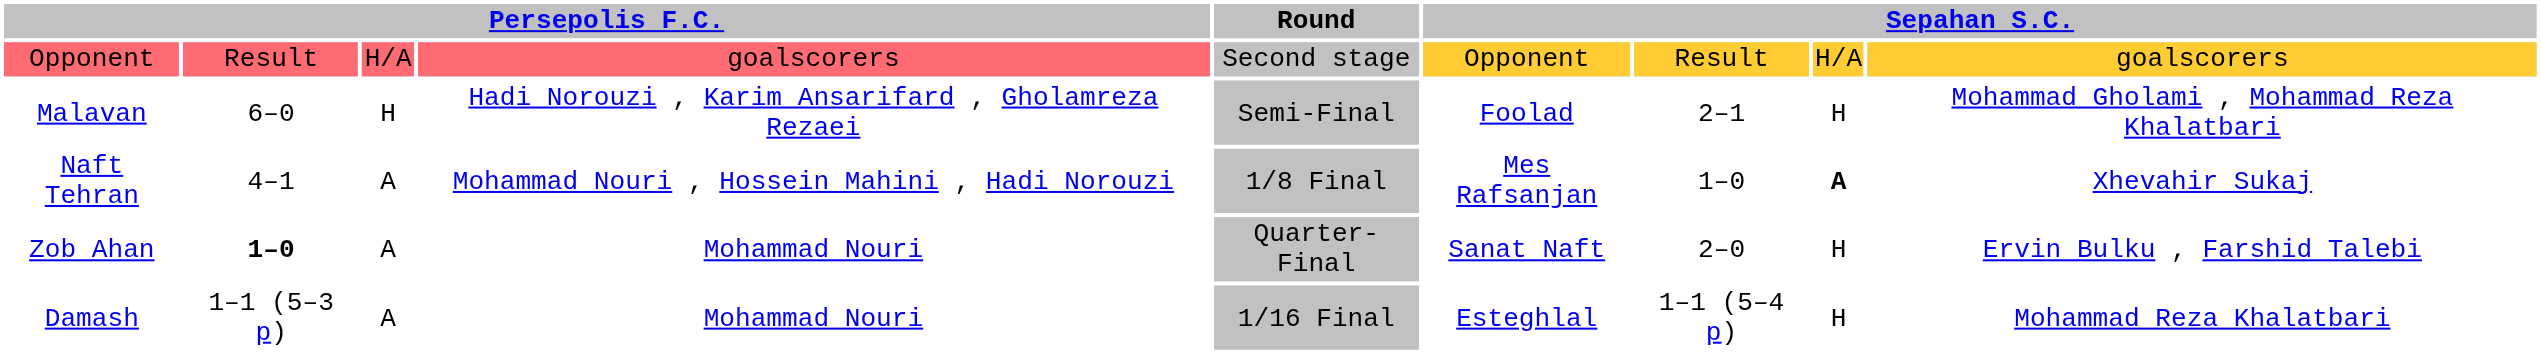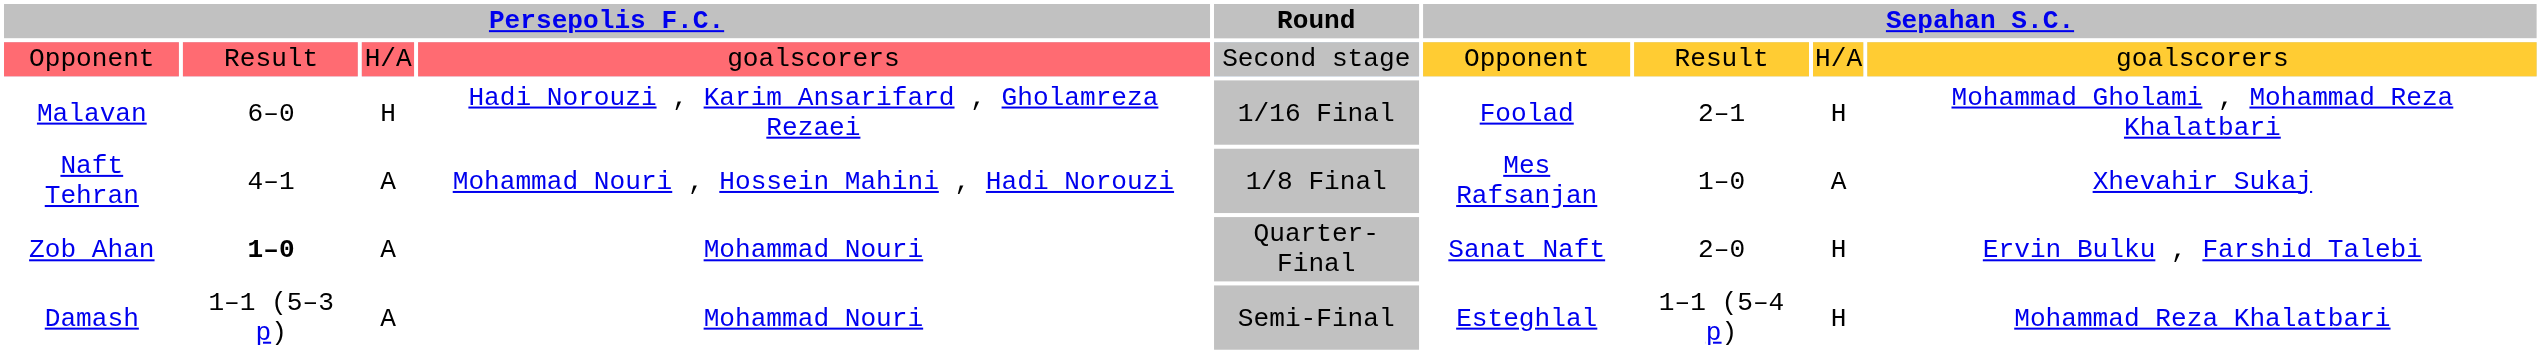 <table style="width:100%; text-align:center;">
 <tr style="vertical-align:top; background:#c1c1c1">
 <th colspan=4 style="width:1*"><a href='#'>Persepolis F.C.</a></th>
 <th style="background:#c1c1c1;">Round</th>
 <th colspan=4 style="width:1*"><a href='#'>Sepahan S.C.</a></th>
 </tr>
 <tr style="vertical-align:top; background:#c1e0ff;">
 <td style="background:#ff6b72;">Opponent</td>
 <td style="background:#ff6b72;">Result</td>
 <td style="background:#ff6b72;">H/A</td>
 <td style="background:#ff6b72;">goalscorers</td>
 <td style="background:#c1c1c1;">Second stage</td>
 <td style="background:#ffcc33;">Opponent</td>
 <td style="background:#ffcc33;">Result</td>
 <td style="background:#ffcc33;">H/A</td>
 <td style="background:#ffcc33;">goalscorers</td>
 </tr>
 <tr>
 <td><a href='#'>Malavan</a></td>
 <td>6–0</td>
 <td>H</td>
 <td><a href='#'>Hadi Norouzi</a> , <a href='#'>Karim Ansarifard</a> , <a href='#'>Gholamreza Rezaei</a> </td>
-<td style="background:#c1c1c1;">Semi-Final</td>
+<td style="background:#c1c1c1;">1/16 Final</td>
 <td><a href='#'>Foolad</a></td>
 <td>2–1</td>
 <td>H</td>
 <td><a href='#'>Mohammad Gholami</a> , <a href='#'>Mohammad Reza Khalatbari</a> </td>
 </tr>
 <tr>
 <td><a href='#'>Naft Tehran</a></td>
 <td>4–1</td>
 <td>A</td>
 <td><a href='#'>Mohammad Nouri</a> , <a href='#'>Hossein Mahini</a> , <a href='#'>Hadi Norouzi</a> </td>
 <td style="background:#c1c1c1;">1/8 Final</td>
 <td><a href='#'>Mes Rafsanjan</a></td>
 <td>1–0</td>
-<td><strong>A</strong></td>
+<td>A</td>
 <td><a href='#'>Xhevahir Sukaj</a> </td>
 </tr>
 <tr>
 <td><a href='#'>Zob Ahan</a></td>
 <td><strong>1–0</strong></td>
 <td>A</td>
 <td><a href='#'>Mohammad Nouri</a> </td>
 <td style="background:#c1c1c1;">Quarter-Final</td>
 <td><a href='#'>Sanat Naft</a></td>
 <td>2–0</td>
 <td>H</td>
 <td><a href='#'>Ervin Bulku</a> , <a href='#'>Farshid Talebi</a> </td>
 </tr>
 <tr>
 <td><a href='#'>Damash</a></td>
 <td>1–1 (5–3 <a href='#'>p</a>)</td>
 <td>A</td>
 <td><a href='#'>Mohammad Nouri</a> </td>
-<td style="background:#c1c1c1;">1/16 Final</td>
+<td style="background:#c1c1c1;">Semi-Final</td>
 <td><a href='#'>Esteghlal</a></td>
 <td>1–1 (5–4 <a href='#'>p</a>)</td>
 <td>H</td>
 <td><a href='#'>Mohammad Reza Khalatbari</a> </td>
 </tr>
 </table>
